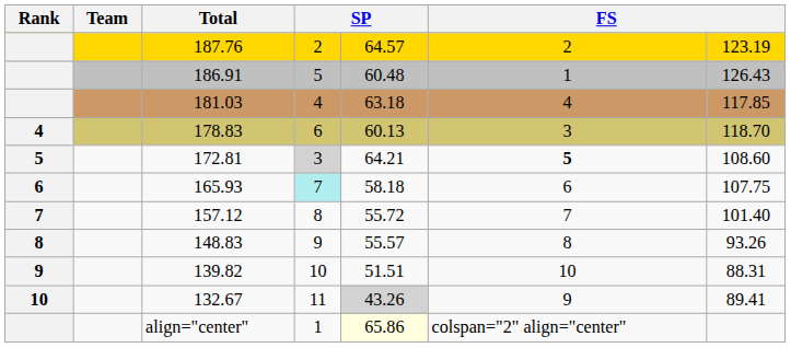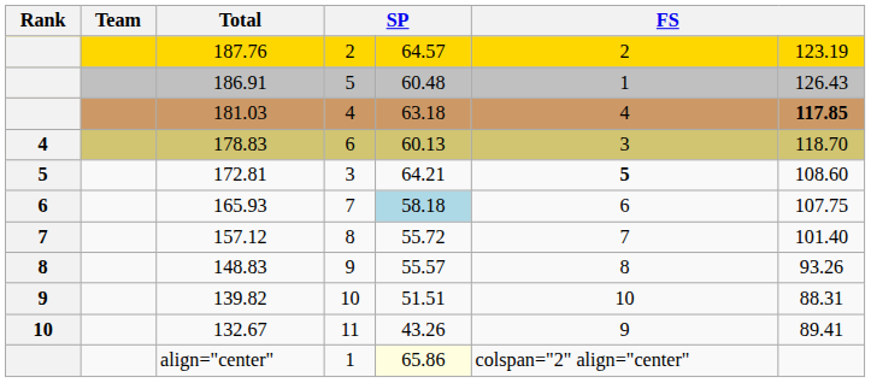 <table class="wikitable sortable" style="text-align:left; width:80%">
 <tr>
 <th scope="col">Rank</th>
 <th scope="col">Team</th>
 <th scope="col">Total</th>
 <th colspan="2" scope="col" width="80px"><a href='#'>SP</a></th>
 <th colspan="2" scope="col" width="80px"><a href='#'>FS</a></th>
 </tr>
 <tr bgcolor="gold">
 <th scope="row"></th>
 <td></td>
 <td align="center">187.76</td>
 <td align="center">2</td>
 <td align="center">64.57</td>
 <td align="center">2</td>
 <td align="center">123.19</td>
 </tr>
 <tr bgcolor="silver">
 <th scope="row"></th>
 <td></td>
 <td align="center">186.91</td>
 <td align="center">5</td>
 <td align="center">60.48</td>
 <td align="center">1</td>
 <td align="center">126.43</td>
 </tr>
 <tr bgcolor="cc9966">
 <th scope="row"></th>
 <td></td>
 <td align="center">181.03</td>
 <td align="center">4</td>
 <td align="center">63.18</td>
 <td align="center">4</td>
-<td align="center">117.85</td>
+<td align="center"><strong>117.85</strong></td>
 </tr>
 <tr bgcolor="#d1c571">
 <th scope="row">4</th>
 <td></td>
 <td align="center">178.83</td>
 <td align="center">6</td>
 <td align="center">60.13</td>
 <td align="center">3</td>
 <td align="center">118.70</td>
 </tr>
 <tr>
 <th scope="row">5</th>
 <td></td>
 <td align="center">172.81</td>
-<td align="center" style="background: lightgrey;">3</td>
+<td align="center">3</td>
 <td align="center">64.21</td>
 <td align="center"><strong>5</strong></td>
 <td align="center">108.60</td>
 </tr>
 <tr>
 <th scope="row">6</th>
 <td></td>
 <td align="center">165.93</td>
-<td align="center" style="background: paleturquoise;">7</td>
-<td align="center">58.18</td>
+<td align="center">7</td>
+<td align="center" style="background: lightblue;">58.18</td>
 <td align="center">6</td>
 <td align="center">107.75</td>
 </tr>
 <tr>
 <th scope="row">7</th>
 <td></td>
 <td align="center">157.12</td>
 <td align="center">8</td>
 <td align="center">55.72</td>
 <td align="center">7</td>
 <td align="center">101.40</td>
 </tr>
 <tr>
 <th scope="row">8</th>
 <td></td>
 <td align="center">148.83</td>
 <td align="center">9</td>
 <td align="center">55.57</td>
 <td align="center">8</td>
 <td align="center">93.26</td>
 </tr>
 <tr>
 <th scope="row">9</th>
 <td></td>
 <td align="center">139.82</td>
 <td align="center">10</td>
 <td align="center">51.51</td>
 <td align="center">10</td>
 <td align="center">88.31</td>
 </tr>
 <tr>
 <th scope="row">10</th>
 <td></td>
 <td align="center">132.67</td>
 <td align="center">11</td>
-<td align="center" style="background: lightgrey;">43.26</td>
+<td align="center">43.26</td>
 <td align="center">9</td>
 <td align="center">89.41</td>
 </tr>
 <tr>
 <th scope="row"></th>
 <td></td>
 <td>align="center" </td>
 <td align="center">1</td>
 <td align="center" style="background: lightyellow;">65.86</td>
 <td>colspan="2" align="center" </td>
 </tr>
 </table>
